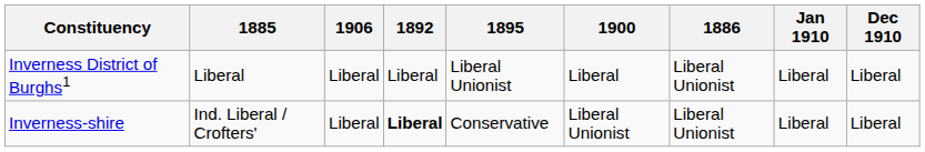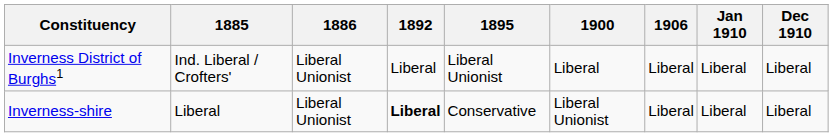 <table class="wikitable sortable">
 <tr>
 <th>Constituency</th>
 <th>1885</th>
-<th>1906</th>
+<th>1886</th>
 <th>1892</th>
 <th>1895</th>
 <th>1900</th>
-<th>1886</th>
+<th>1906</th>
 <th>Jan 1910</th>
 <th>Dec 1910</th>
 </tr>
 <tr>
 <td><a href='#'>Inverness District of Burghs</a><sup>1</sup></td>
-<td>Liberal</td>
-<td>Liberal</td>
-<td>Liberal</td>
+<td>Ind. Liberal / Crofters'</td>
 <td>Liberal Unionist</td>
 <td>Liberal</td>
 <td>Liberal Unionist</td>
 <td>Liberal</td>
 <td>Liberal</td>
+<td>Liberal</td>
+<td>Liberal</td>
 </tr>
 <tr>
 <td><a href='#'>Inverness-shire</a></td>
-<td>Ind. Liberal / Crofters'</td>
 <td>Liberal</td>
+<td>Liberal Unionist</td>
 <td><strong>Liberal</strong></td>
 <td>Conservative</td>
 <td>Liberal Unionist</td>
-<td>Liberal Unionist</td>
+<td>Liberal</td>
 <td>Liberal</td>
 <td>Liberal</td>
 </tr>
 </table>
